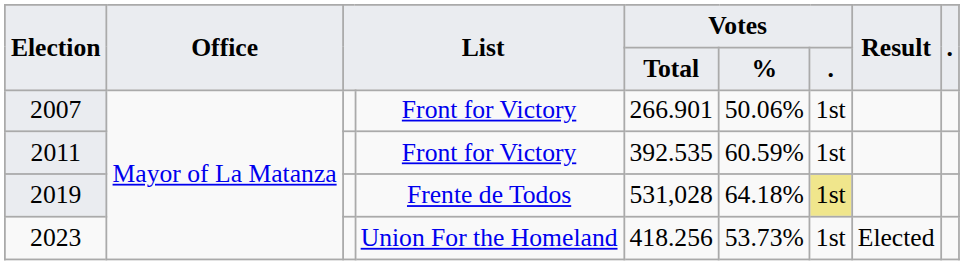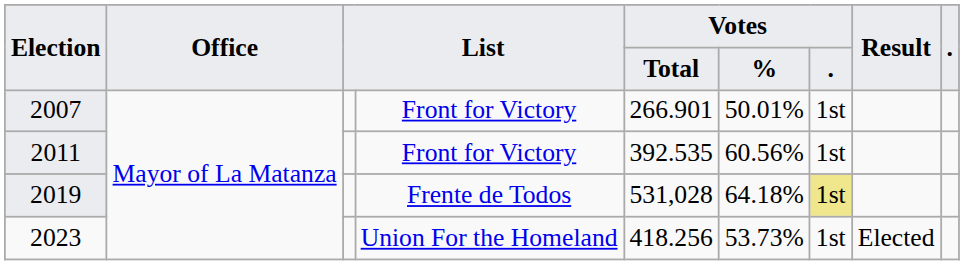 <table class="wikitable" style="font-size:90%; text-align:center;">
 <tr>
 <th style="background-color:#EAECF0;" rowspan=2>Election</th>
 <th style="background-color:#EAECF0;" rowspan=2>Office</th>
 <th style="background-color:#EAECF0;" colspan=2 rowspan=2>List</th>
 <th style="background-color:#EAECF0;" colspan=3>Votes</th>
 <th style="background-color:#EAECF0;" rowspan=2>Result</th>
 <th style="background-color:#EAECF0;" rowspan=2>.</th>
 </tr>
 <tr>
 <th style="background-color:#EAECF0;">Total</th>
 <th style="background-color:#EAECF0;">%</th>
 <th style="background-color:#EAECF0;">.</th>
 </tr>
 <tr>
 <td style="background-color:#EAECF0;">2007</td>
 <td rowspan="4"><a href='#'>Mayor of La Matanza</a></td>
 <td style="background-color:"></td>
 <td><a href='#'>Front for Victory</a></td>
 <td>266.901</td>
-<td>50.06%</td>
+<td>50.01%</td>
 <td>1st</td>
 <td></td>
 <td></td>
 </tr>
 <tr>
 <td style="background-color:#EAECF0;">2011</td>
 <td style="background-color:"></td>
 <td><a href='#'>Front for Victory</a></td>
 <td>392.535</td>
-<td>60.59%</td>
+<td>60.56%</td>
 <td>1st</td>
 <td></td>
 <td></td>
 </tr>
 <tr>
 <td style="background-color:#EAECF0;">2019</td>
 <td style="background-color:"></td>
 <td><a href='#'>Frente de Todos</a></td>
 <td>531,028</td>
 <td>64.18%</td>
 <td style="background: khaki;">1st</td>
 <td></td>
 <td></td>
 </tr>
 <tr>
 <td>2023</td>
 <td></td>
 <td><a href='#'>Union For the Homeland</a></td>
 <td>418.256</td>
 <td>53.73%</td>
 <td>1st</td>
 <td>Elected</td>
 <td></td>
 </tr>
 </table>
